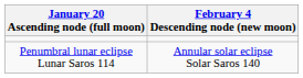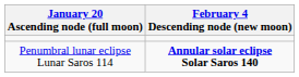 <table class="wikitable">
 <tr>
 <th><a href='#'>January 20</a><br>Ascending node (full moon)<br></th>
 <th><a href='#'>February 4</a><br>Descending node (new moon)<br></th>
 </tr>
 <tr>
 <td></td>
 <td></td>
 </tr>
 <tr align=center>
 <td><a href='#'>Penumbral lunar eclipse</a><br>Lunar Saros 114</td>
-<td><a href='#'>Annular solar eclipse</a><br>Solar Saros 140</td>
+<td><strong><a href='#'>Annular solar eclipse</a><br>Solar Saros 140</strong></td>
 </tr>
 </table>
